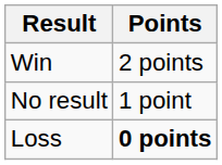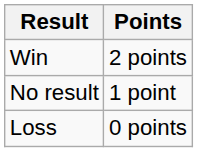 <table class="wikitable">
 <tr>
 <th>Result</th>
 <th>Points</th>
 </tr>
 <tr>
 <td>Win</td>
 <td>2 points</td>
 </tr>
 <tr>
 <td>No result</td>
 <td>1 point</td>
 </tr>
 <tr>
 <td>Loss</td>
-<td><strong>0 points</strong></td>
+<td>0 points</td>
 </tr>
 </table>
